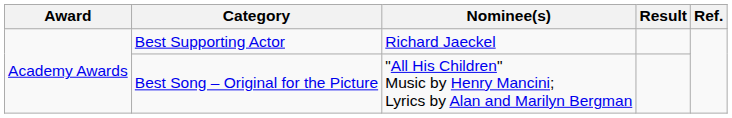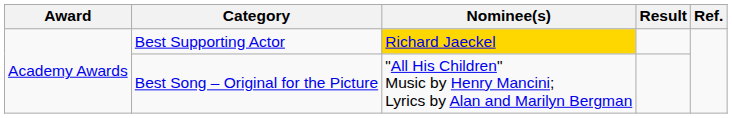 <table class="wikitable plainrowheaders">
 <tr>
 <th>Award</th>
 <th>Category</th>
 <th>Nominee(s)</th>
 <th>Result</th>
 <th>Ref.</th>
 </tr>
 <tr>
 <td rowspan="2"><a href='#'>Academy Awards</a></td>
 <td><a href='#'>Best Supporting Actor</a></td>
-<td><a href='#'>Richard Jaeckel</a></td>
+<td style="background: gold;"><a href='#'>Richard Jaeckel</a></td>
 <td></td>
 <td align="center" rowspan="2"></td>
 </tr>
 <tr>
 <td><a href='#'>Best Song – Original for the Picture</a></td>
 <td>"<a href='#'>All His Children</a>" <br> Music by <a href='#'>Henry Mancini</a>; <br> Lyrics by <a href='#'>Alan and Marilyn Bergman</a></td>
 <td></td>
 </tr>
 </table>
